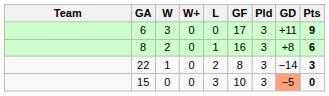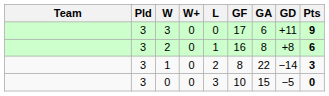 <table class="wikitable" style="text-align: center; font-size:90% ">
 <tr>
 <th width=160>Team</th>
-<th width=25>GA</th>
+<th width=25>Pld</th>
 <th width=25>W</th>
 <th width=25>W+</th>
 <th width=25>L</th>
 <th width=25>GF</th>
-<th width=25>Pld</th>
+<th width=25>GA</th>
 <th width=25>GD</th>
 <th width=25>Pts</th>
 </tr>
 <tr bgcolor="ccffcc">
 <td align=left></td>
-<td>6</td>
+<td>3</td>
 <td>3</td>
 <td>0</td>
 <td>0</td>
 <td>17</td>
-<td>3</td>
+<td>6</td>
 <td>+11</td>
 <td><strong>9</strong></td>
 </tr>
 <tr bgcolor="ccffcc">
 <td align=left></td>
-<td>8</td>
+<td>3</td>
 <td>2</td>
 <td>0</td>
 <td>1</td>
 <td>16</td>
-<td>3</td>
+<td>8</td>
 <td>+8</td>
 <td><strong>6</strong></td>
 </tr>
 <tr>
 <td align=left></td>
-<td>22</td>
+<td>3</td>
 <td>1</td>
 <td>0</td>
 <td>2</td>
 <td>8</td>
-<td>3</td>
+<td>22</td>
 <td>−14</td>
 <td><strong>3</strong></td>
 </tr>
 <tr>
 <td align=left></td>
-<td>15</td>
+<td>3</td>
 <td>0</td>
 <td>0</td>
 <td>3</td>
 <td>10</td>
-<td>3</td>
-<td style="background: lightsalmon;">−5</td>
+<td>15</td>
+<td>−5</td>
 <td><strong>0</strong></td>
 </tr>
 </table>
